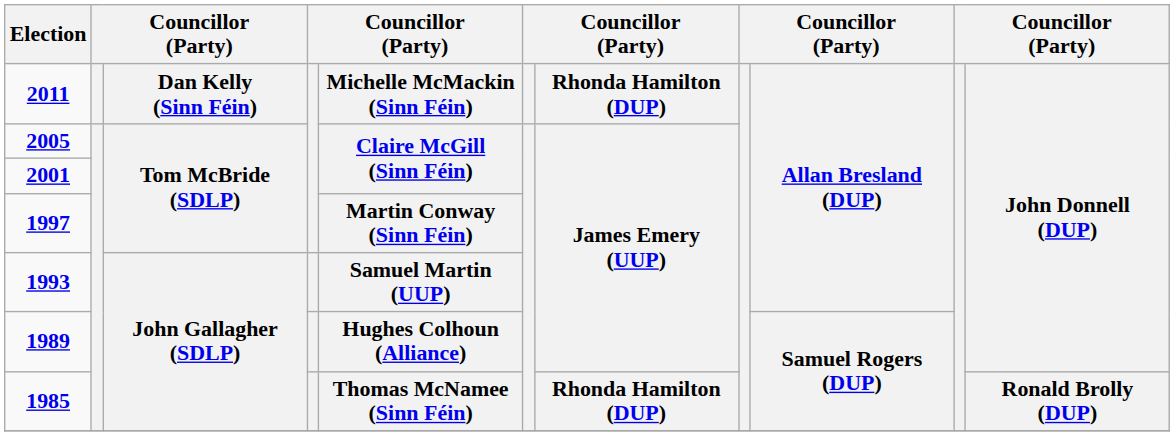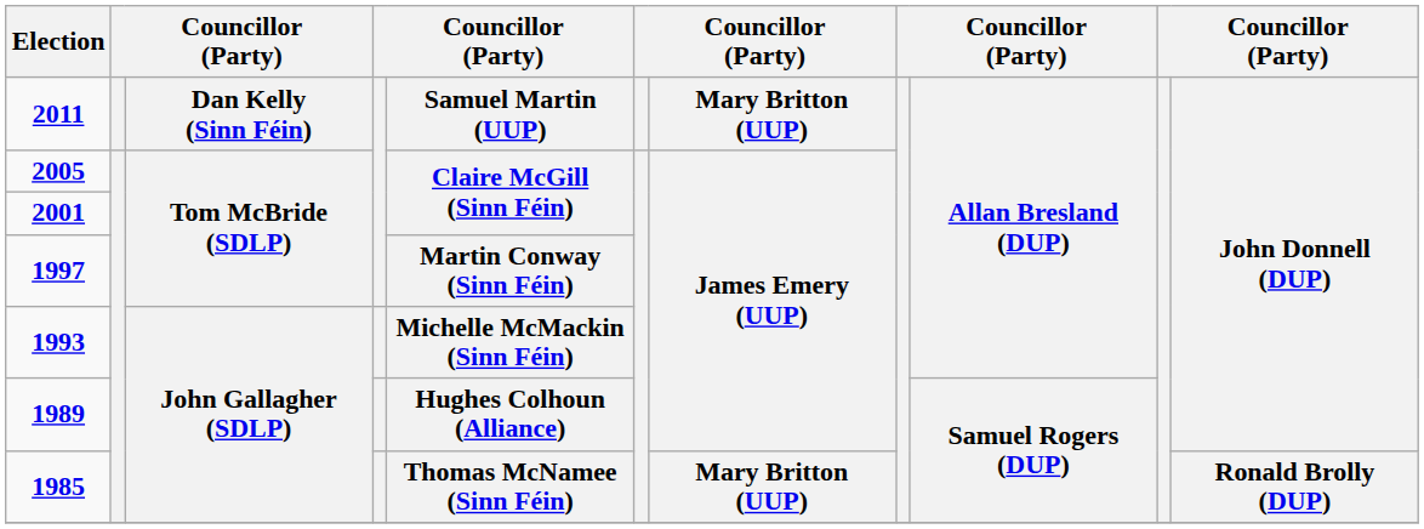 <table class="wikitable" style="text-align:center">
 <tr>
 <th scope="col" width="50">Election</th>
 <th scope="col" width="150" colspan = "2">Councillor<br> (Party)</th>
 <th scope="col" width="150" colspan = "2">Councillor<br> (Party)</th>
 <th scope="col" width="150" colspan = "2">Councillor<br> (Party)</th>
 <th scope="col" width="150" colspan = "2">Councillor<br> (Party)</th>
 <th scope="col" width="150" colspan = "2">Councillor<br> (Party)</th>
 </tr>
 <tr>
 <td><strong><a href='#'>2011</a></strong></td>
 <th rowspan="1" width="1" style="background-color: "></th>
 <th rowspan = "1">Dan Kelly <br> (<a href='#'>Sinn Féin</a>)</th>
 <th rowspan="4" width="1" style="background-color: "></th>
-<th rowspan = "1">Michelle McMackin <br> (<a href='#'>Sinn Féin</a>)</th>
+<th rowspan = "1">Samuel Martin <br> (<a href='#'>UUP</a>)</th>
 <th rowspan="1" width="1" style="background-color: "></th>
-<th rowspan = "1">Rhonda Hamilton <br> (<a href='#'>DUP</a>)</th>
+<th rowspan = "1">Mary Britton <br> (<a href='#'>UUP</a>)</th>
 <th rowspan="7" width="1" style="background-color: "></th>
 <th rowspan = "5"><a href='#'>Allan Bresland</a> <br> (<a href='#'>DUP</a>)</th>
 <th rowspan="7" width="1" style="background-color: "></th>
 <th rowspan = "6">John Donnell <br> (<a href='#'>DUP</a>)</th>
 </tr>
 <tr>
 <td><strong><a href='#'>2005</a></strong></td>
 <th rowspan="6" width="1" style="background-color: "></th>
 <th rowspan = "3">Tom McBride <br> (<a href='#'>SDLP</a>)</th>
 <th rowspan = "2"><a href='#'>Claire McGill</a> <br> (<a href='#'>Sinn Féin</a>)</th>
 <th rowspan="6" width="1" style="background-color: "></th>
 <th rowspan = "5">James Emery <br> (<a href='#'>UUP</a>)</th>
 </tr>
 <tr>
 <td><strong><a href='#'>2001</a></strong></td>
 </tr>
 <tr>
 <td><strong><a href='#'>1997</a></strong></td>
 <th rowspan = "1">Martin Conway <br> (<a href='#'>Sinn Féin</a>)</th>
 </tr>
 <tr>
 <td><strong><a href='#'>1993</a></strong></td>
 <th rowspan = "3">John Gallagher <br> (<a href='#'>SDLP</a>)</th>
 <th rowspan="1" width="1" style="background-color: "></th>
-<th rowspan = "1">Samuel Martin <br> (<a href='#'>UUP</a>)</th>
+<th rowspan = "1">Michelle McMackin <br> (<a href='#'>Sinn Féin</a>)</th>
 </tr>
 <tr>
 <td><strong><a href='#'>1989</a></strong></td>
 <th rowspan="1" width="1" style="background-color: "></th>
 <th rowspan = "1">Hughes Colhoun <br> (<a href='#'>Alliance</a>)</th>
 <th rowspan = "2">Samuel Rogers <br> (<a href='#'>DUP</a>)</th>
 </tr>
 <tr>
 <td><strong><a href='#'>1985</a></strong></td>
 <th rowspan="1" width="1" style="background-color: "></th>
 <th rowspan = "1">Thomas McNamee <br> (<a href='#'>Sinn Féin</a>)</th>
-<th rowspan = "1">Rhonda Hamilton <br> (<a href='#'>DUP</a>)</th>
+<th rowspan = "1">Mary Britton <br> (<a href='#'>UUP</a>)</th>
 <th rowspan = "1">Ronald Brolly <br> (<a href='#'>DUP</a>)</th>
 </tr>
 <tr>
 </tr>
 </table>
